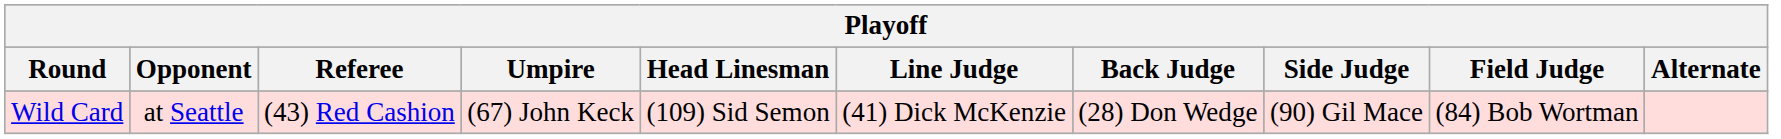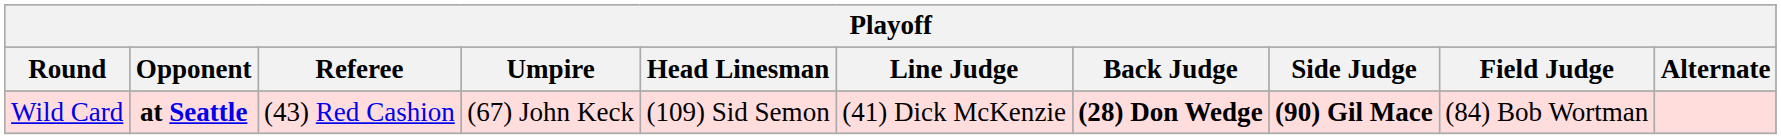 <table class="wikitable" style="text-align:center">
 <tr>
 <th colspan="10">Playoff</th>
 </tr>
 <tr>
 <th>Round</th>
 <th>Opponent</th>
 <th>Referee</th>
 <th>Umpire</th>
 <th>Head Linesman</th>
 <th>Line Judge</th>
 <th>Back Judge</th>
 <th>Side Judge</th>
 <th>Field Judge</th>
 <th>Alternate</th>
 </tr>
 <tr style="background: #ffdddd;">
 <td><a href='#'>Wild Card</a></td>
-<td>at <a href='#'>Seattle</a></td>
+<td><strong>at <a href='#'>Seattle</a></strong></td>
 <td>(43) <a href='#'>Red Cashion</a></td>
 <td>(67) John Keck</td>
 <td>(109) Sid Semon</td>
 <td>(41) Dick McKenzie</td>
-<td>(28) Don Wedge</td>
-<td>(90) Gil Mace</td>
+<td><strong>(28) Don Wedge</strong></td>
+<td><strong>(90) Gil Mace</strong></td>
 <td>(84) Bob Wortman</td>
 <td></td>
 </tr>
 </table>
